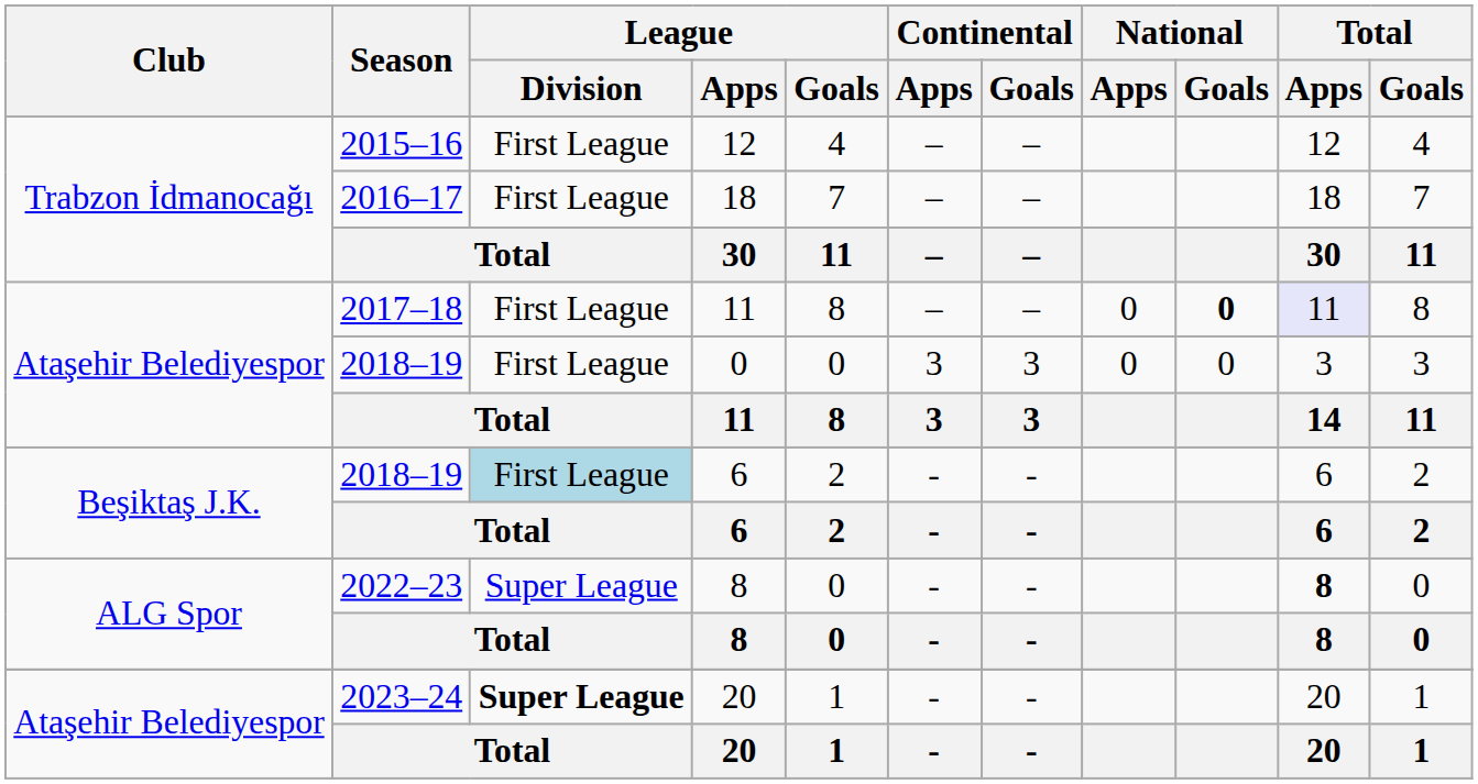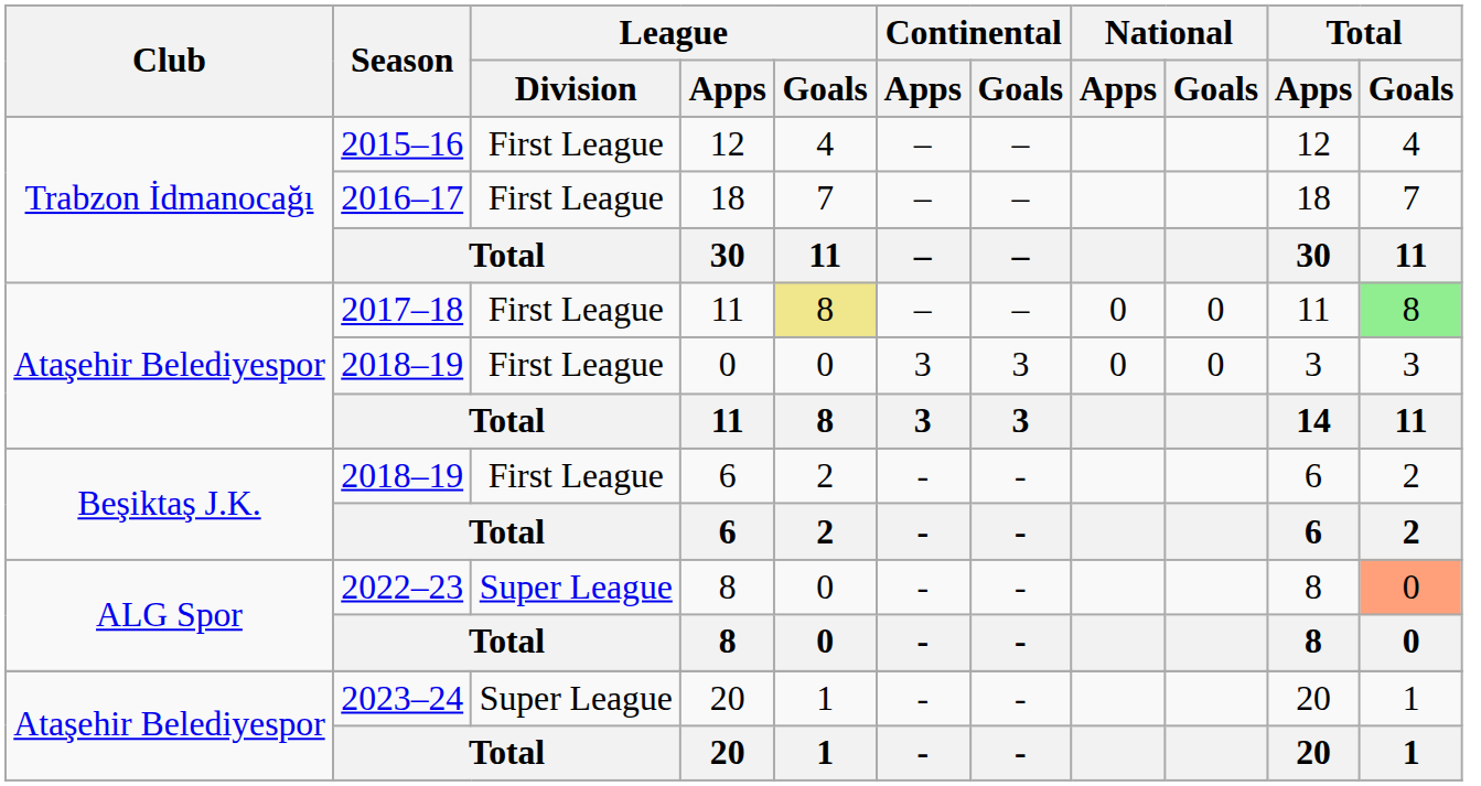 <table class="wikitable" style="text-align: center;">
 <tr>
 <th rowspan=2>Club</th>
 <th rowspan=2>Season</th>
 <th colspan=3>League</th>
 <th colspan=2>Continental</th>
 <th colspan=2>National</th>
 <th colspan=2>Total</th>
 </tr>
 <tr>
 <th>Division</th>
 <th>Apps</th>
 <th>Goals</th>
 <th>Apps</th>
 <th>Goals</th>
 <th>Apps</th>
 <th>Goals</th>
 <th>Apps</th>
 <th>Goals</th>
 </tr>
 <tr>
 <td rowspan=3><a href='#'>Trabzon İdmanocağı</a></td>
 <td><a href='#'>2015–16</a></td>
 <td>First League</td>
 <td>12</td>
 <td>4</td>
 <td>–</td>
 <td>–</td>
 <td></td>
 <td></td>
 <td>12</td>
 <td>4</td>
 </tr>
 <tr>
 <td><a href='#'>2016–17</a></td>
 <td>First League</td>
 <td>18</td>
 <td>7</td>
 <td>–</td>
 <td>–</td>
 <td></td>
 <td></td>
 <td>18</td>
 <td>7</td>
 </tr>
 <tr>
 <th colspan=2>Total</th>
 <th>30</th>
 <th>11</th>
 <th>–</th>
 <th>–</th>
 <th></th>
 <th></th>
 <th>30</th>
 <th>11</th>
 </tr>
 <tr>
 <td rowspan=3><a href='#'>Ataşehir Belediyespor</a></td>
 <td><a href='#'>2017–18</a></td>
 <td>First League</td>
 <td>11</td>
-<td>8</td>
+<td style="background: khaki;">8</td>
 <td>–</td>
 <td>–</td>
 <td>0</td>
-<td><strong>0</strong></td>
-<td style="background: lavender;">11</td>
-<td>8</td>
+<td>0</td>
+<td>11</td>
+<td style="background: lightgreen;">8</td>
 </tr>
 <tr>
 <td><a href='#'>2018–19</a></td>
 <td>First League</td>
 <td>0</td>
 <td>0</td>
 <td>3</td>
 <td>3</td>
 <td>0</td>
 <td>0</td>
 <td>3</td>
 <td>3</td>
 </tr>
 <tr>
 <th colspan=2>Total</th>
 <th>11</th>
 <th>8</th>
 <th>3</th>
 <th>3</th>
 <th></th>
 <th></th>
 <th>14</th>
 <th>11</th>
 </tr>
 <tr>
 <td rowspan=2><a href='#'>Beşiktaş J.K.</a></td>
 <td><a href='#'>2018–19</a></td>
-<td style="background: lightblue;">First League</td>
+<td>First League</td>
 <td>6</td>
 <td>2</td>
 <td>-</td>
 <td>-</td>
 <td></td>
 <td></td>
 <td>6</td>
 <td>2</td>
 </tr>
 <tr>
 <th colspan="2">Total</th>
 <th>6</th>
 <th>2</th>
 <th>-</th>
 <th>-</th>
 <th></th>
 <th></th>
 <th>6</th>
 <th>2</th>
 </tr>
 <tr>
 <td rowspan=2><a href='#'>ALG Spor</a></td>
 <td><a href='#'>2022–23</a></td>
 <td><a href='#'>Super League</a></td>
 <td>8</td>
 <td>0</td>
 <td>-</td>
 <td>-</td>
 <td></td>
 <td></td>
-<td><strong>8</strong></td>
-<td>0</td>
+<td>8</td>
+<td style="background: lightsalmon;">0</td>
 </tr>
 <tr>
 <th colspan="2">Total</th>
 <th>8</th>
 <th>0</th>
 <th>-</th>
 <th>-</th>
 <th></th>
 <th></th>
 <th>8</th>
 <th>0</th>
 </tr>
 <tr>
 </tr>
 <tr>
 <td rowspan=2><a href='#'>Ataşehir Belediyespor</a></td>
 <td><a href='#'>2023–24</a></td>
-<td><strong>Super League</strong></td>
+<td>Super League</td>
 <td>20</td>
 <td>1</td>
 <td>-</td>
 <td>-</td>
 <td></td>
 <td></td>
 <td>20</td>
 <td>1</td>
 </tr>
 <tr>
 <th colspan="2">Total</th>
 <th>20</th>
 <th>1</th>
 <th>-</th>
 <th>-</th>
 <th></th>
 <th></th>
 <th>20</th>
 <th>1</th>
 </tr>
 </table>
